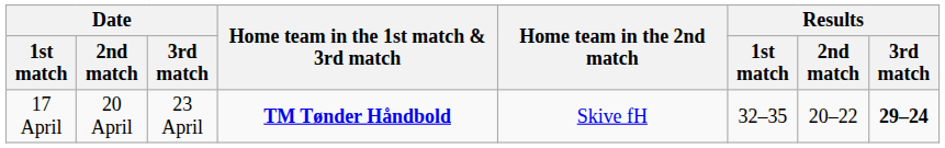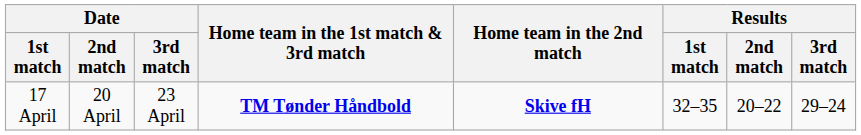 <table class="wikitable" style="text-align:center; margin-left:1em;">
 <tr>
 <th colspan="3">Date</th>
 <th rowspan="2" style="width:220px;">Home team in the 1st match & 3rd match</th>
 <th rowspan="2" style="width:180px;">Home team in the 2nd match</th>
 <th colspan="3">Results</th>
 </tr>
 <tr>
 <th style="width:50px;">1st match</th>
 <th style="width:50px;">2nd match</th>
 <th style="width:50px;">3rd match</th>
 <th style="width:50px;">1st match</th>
 <th style="width:50px;">2nd match</th>
 <th style="width:50px;">3rd match</th>
 </tr>
 <tr>
 <td>17 April</td>
 <td>20 April</td>
 <td>23 April</td>
 <td><strong><a href='#'>TM Tønder Håndbold</a></strong></td>
-<td><a href='#'>Skive fH</a></td>
+<td><strong><a href='#'>Skive fH</a></strong></td>
 <td>32–35</td>
 <td>20–22</td>
-<td><strong>29–24</strong></td>
+<td>29–24</td>
 </tr>
 </table>
